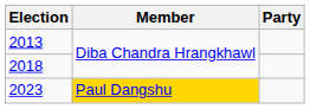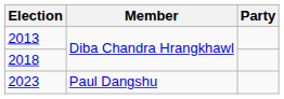 <table class="wikitable sortable">
 <tr>
 <th>Election</th>
 <th>Member</th>
 <th colspan=2>Party</th>
 </tr>
 <tr>
 <td><a href='#'>2013</a></td>
 <td rowspan=2><a href='#'>Diba Chandra Hrangkhawl</a></td>
 <td></td>
 </tr>
 <tr>
 <td><a href='#'>2018</a></td>
 <td></td>
 </tr>
 <tr>
 <td><a href='#'>2023</a></td>
-<td style="background: gold;"><a href='#'>Paul Dangshu</a></td>
+<td><a href='#'>Paul Dangshu</a></td>
 <td></td>
 </tr>
 </table>
